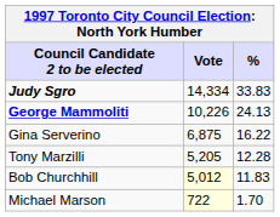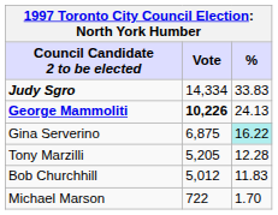 <table class="wikitable sortable">
 <tr>
 <th colspan="3"><a href='#'>1997 Toronto City Council Election</a>: North York Humber</th>
 </tr>
 <tr>
 <th style="background:#ddf; width:200px;">Council Candidate <br> <em>2 to be elected</em></th>
 <th style="background:#ddf; width:50px;">Vote</th>
 <th style="background:#ddf; width:30px;">%</th>
 </tr>
 <tr>
 <td><strong><em>Judy Sgro</em></strong></td>
 <td>14,334</td>
 <td>33.83</td>
 </tr>
 <tr>
 <td><strong><a href='#'>George Mammoliti</a></strong></td>
-<td>10,226</td>
+<td><strong>10,226</strong></td>
 <td>24.13</td>
 </tr>
 <tr>
 <td>Gina Serverino</td>
 <td>6,875</td>
-<td>16.22</td>
+<td style="background: paleturquoise;">16.22</td>
 </tr>
 <tr>
 <td>Tony Marzilli</td>
 <td>5,205</td>
 <td>12.28</td>
 </tr>
 <tr>
 <td>Bob Churchhill</td>
-<td style="background: lightyellow;">5,012</td>
+<td>5,012</td>
 <td>11.83</td>
 </tr>
 <tr>
 <td>Michael Marson</td>
-<td style="background: lightyellow;">722</td>
+<td>722</td>
 <td>1.70</td>
 </tr>
 </table>
